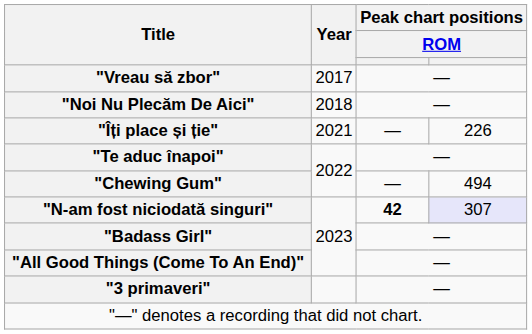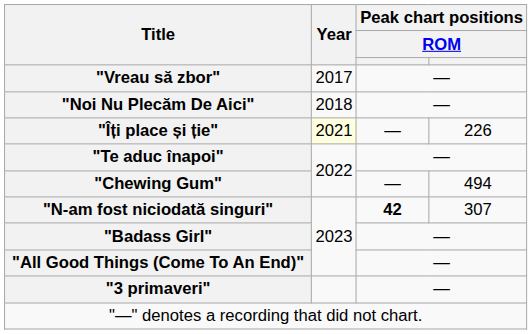 <table class="wikitable plainrowheaders" style="text-align:center;">
 <tr>
 <th rowspan="3" scope="col" style="width:18em;">Title</th>
 <th rowspan="3" scope="col">Year</th>
 <th colspan="2">Peak chart positions</th>
 </tr>
 <tr>
 <th colspan="2"><a href='#'>ROM</a></th>
 </tr>
 <tr>
 <th></th>
 <th></th>
 </tr>
 <tr>
 <th scope="row">"Vreau să zbor"<br></th>
 <td>2017</td>
 <td colspan="2" align="center">—</td>
 </tr>
 <tr>
 <th scope="row">"Noi Nu Plecăm De Aici"</th>
 <td>2018</td>
 <td colspan="2" align="center">—</td>
 </tr>
 <tr>
 <th scope="row">"Îți place și ție"<br></th>
-<td>2021</td>
+<td style="background: lightyellow;">2021</td>
 <td align="center">—</td>
 <td align="center">226</td>
 </tr>
 <tr>
 <th scope="row">"Te aduc înapoi"</th>
 <td rowspan="2">2022</td>
 <td colspan="2" align="center">—</td>
 </tr>
 <tr>
 <th scope="row">"Chewing Gum"</th>
 <td align="center">—</td>
 <td align="center">494</td>
 </tr>
 <tr>
 <th scope="row">"N-am fost niciodată singuri"</th>
 <td rowspan="3">2023</td>
 <td align="center"><strong>42</strong></td>
-<td align="center" style="background: lavender;">307</td>
+<td align="center">307</td>
 </tr>
 <tr>
 <th scope="row">"Badass Girl"<br></th>
 <td colspan="2" align="center">—</td>
 </tr>
 <tr>
 <th scope="row">"All Good Things (Come To An End)"<br></th>
 <td colspan="2" align="center">—</td>
 </tr>
 <tr>
 <th scope="row">"3 primaveri"</th>
 <td></td>
 <td colspan="2" align="center">—</td>
 </tr>
 <tr>
 <td colspan="4" align="center">"—" denotes a recording that did not chart.</td>
 </tr>
 </table>
